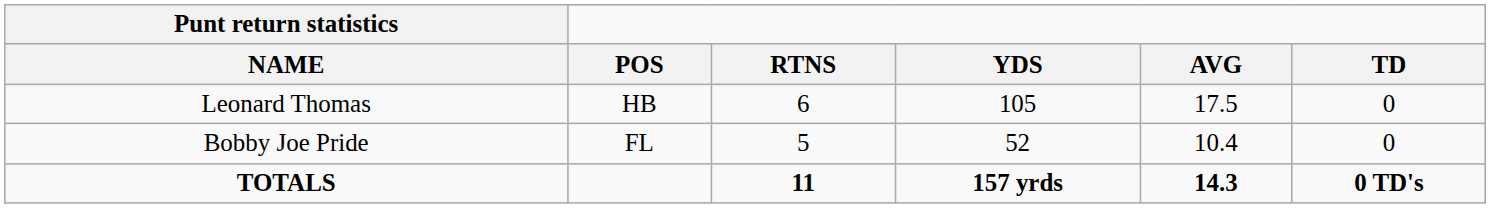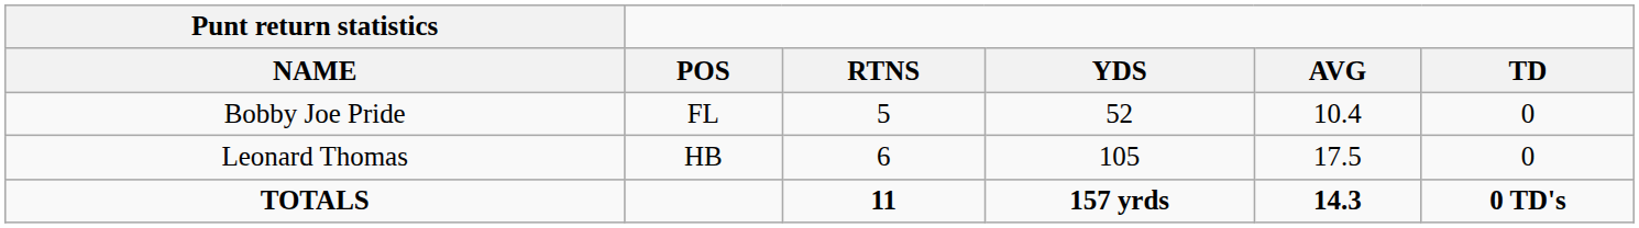 <table style="width:60%; text-align:center;" class="wikitable ">
 <tr>
 <th style="text-align:center; ">Punt return statistics</th>
 </tr>
 <tr>
 <th>NAME</th>
 <th>POS</th>
 <th>RTNS</th>
 <th>YDS</th>
 <th>AVG</th>
 <th>TD</th>
 </tr>
 <tr>
+<td>Bobby Joe Pride</td>
+<td>FL</td>
+<td>5</td>
+<td>52</td>
+<td>10.4</td>
+<td>0</td>
+</tr>
+<tr>
 <td>Leonard Thomas</td>
 <td>HB</td>
 <td>6</td>
 <td>105</td>
 <td>17.5</td>
-<td>0</td>
-</tr>
-<tr>
-<td>Bobby Joe Pride</td>
-<td>FL</td>
-<td>5</td>
-<td>52</td>
-<td>10.4</td>
 <td>0</td>
 </tr>
 <tr>
 <td><strong>TOTALS</strong></td>
 <td></td>
 <td><strong>11</strong></td>
 <td><strong>157 yrds</strong></td>
 <td><strong>14.3</strong></td>
 <td><strong>0 TD's</strong></td>
 </tr>
 </table>
